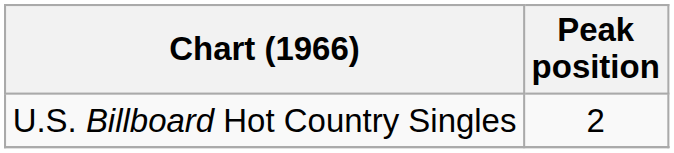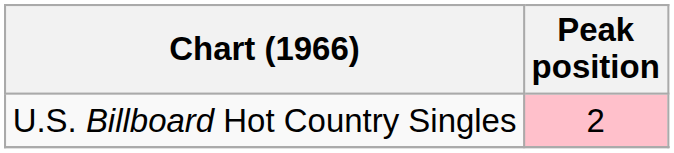 <table class="wikitable">
 <tr>
 <th align="left">Chart (1966)</th>
 <th align="center">Peak<br>position</th>
 </tr>
 <tr>
 <td align="left">U.S. <em>Billboard</em> Hot Country Singles</td>
-<td align="center">2</td>
+<td align="center" style="background: pink;">2</td>
 </tr>
 <tr>
 </tr>
 </table>
